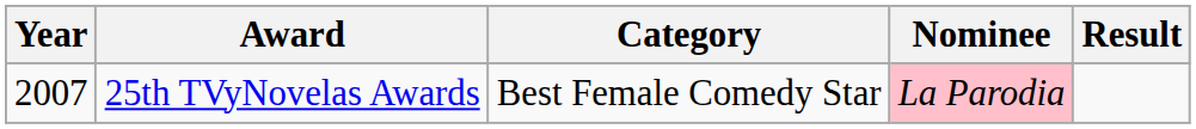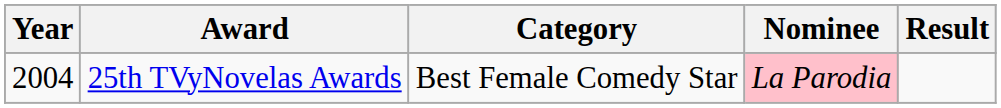 <table class="wikitable">
 <tr style="background:#b0c4de;">
 <th>Year</th>
 <th>Award</th>
 <th>Category</th>
 <th>Nominee</th>
 <th>Result</th>
 </tr>
 <tr>
-<td>2007</td>
+<td>2004</td>
 <td><a href='#'>25th TVyNovelas Awards</a></td>
 <td>Best Female Comedy Star</td>
 <td style="background: pink;"><em>La Parodia</em></td>
 <td></td>
 </tr>
 </table>
